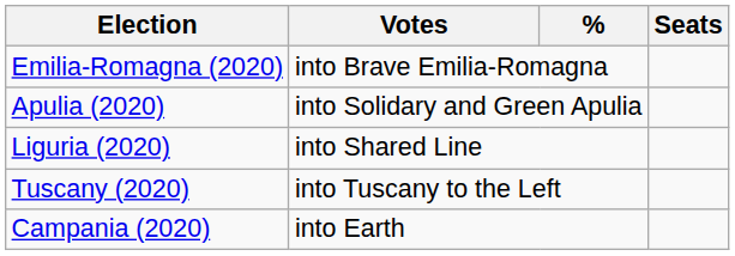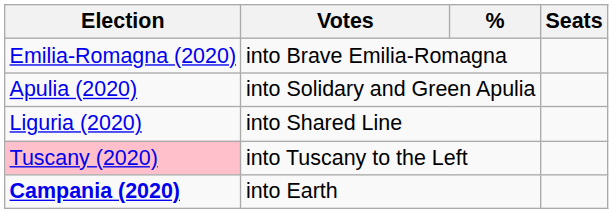 <table class="wikitable">
 <tr>
 <th>Election</th>
 <th>Votes</th>
 <th>%</th>
 <th>Seats</th>
 </tr>
 <tr>
 <td><a href='#'>Emilia-Romagna (2020)</a></td>
 <td colspan="2">into Brave Emilia-Romagna</td>
 <td></td>
 </tr>
 <tr>
 <td><a href='#'>Apulia (2020)</a></td>
 <td colspan="2">into Solidary and Green Apulia</td>
 <td></td>
 </tr>
 <tr>
 <td><a href='#'>Liguria (2020)</a></td>
 <td colspan="2">into Shared Line</td>
 <td></td>
 </tr>
 <tr>
-<td><a href='#'>Tuscany (2020)</a></td>
+<td style="background: pink;"><a href='#'>Tuscany (2020)</a></td>
 <td colspan="2">into Tuscany to the Left</td>
 <td></td>
 </tr>
 <tr>
-<td><a href='#'>Campania (2020)</a></td>
+<td><strong><a href='#'>Campania (2020)</a></strong></td>
 <td colspan="2">into Earth</td>
 <td></td>
 </tr>
 </table>
